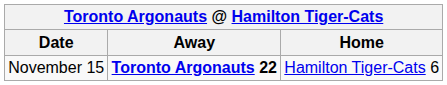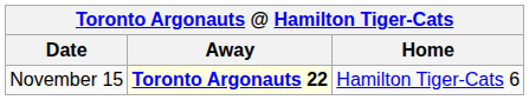 <table class="wikitable">
 <tr>
 <th colspan=4><a href='#'>Toronto Argonauts</a> @ <a href='#'>Hamilton Tiger-Cats</a></th>
 </tr>
 <tr>
 <th>Date</th>
 <th>Away</th>
 <th>Home</th>
 </tr>
 <tr>
 <td>November 15</td>
-<td><strong><a href='#'>Toronto Argonauts</a> 22</strong></td>
+<td style="background: lightyellow;"><strong><a href='#'>Toronto Argonauts</a> 22</strong></td>
 <td><a href='#'>Hamilton Tiger-Cats</a> 6</td>
 </tr>
 </table>
